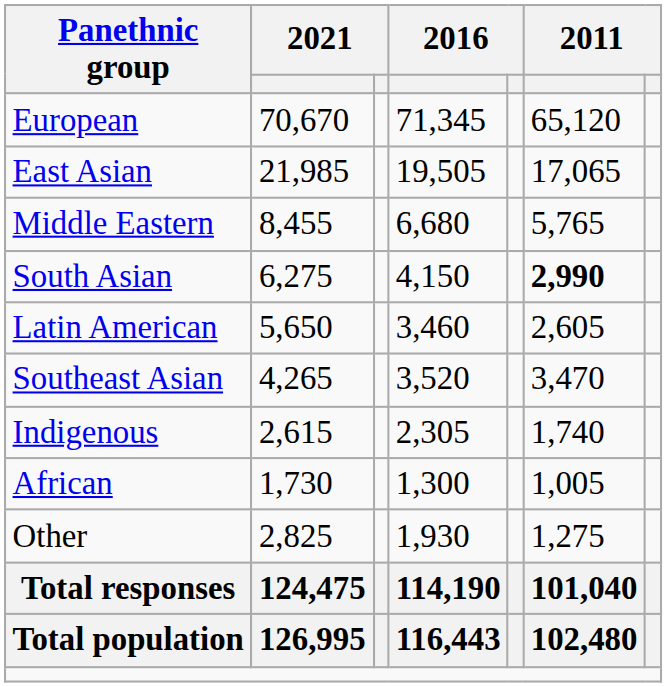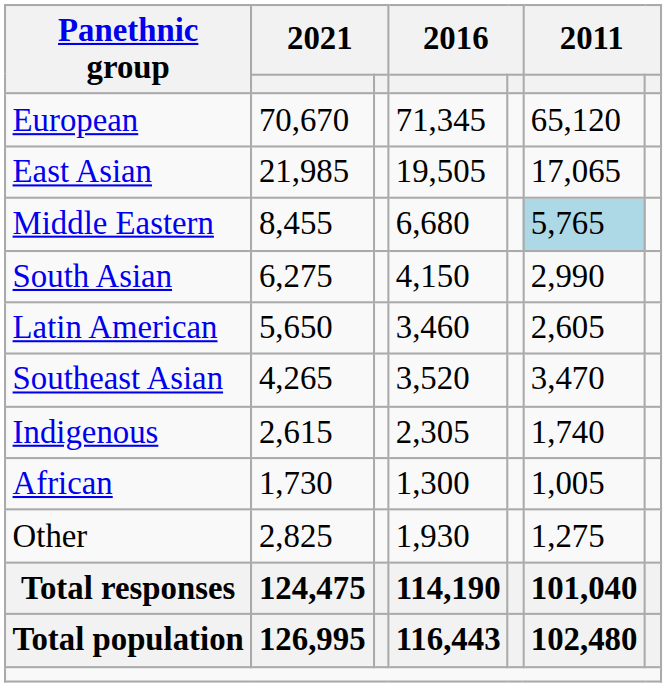 <table class="wikitable collapsible sortable">
 <tr>
 <th rowspan="2"><a href='#'>Panethnic</a><br>group</th>
 <th colspan="2">2021</th>
 <th colspan="2">2016</th>
 <th colspan="2">2011</th>
 </tr>
 <tr>
 <th><a href='#'></a></th>
 <th></th>
 <th></th>
 <th></th>
 <th></th>
 <th></th>
 </tr>
 <tr>
 <td><a href='#'>European</a></td>
 <td>70,670</td>
 <td></td>
 <td>71,345</td>
 <td></td>
 <td>65,120</td>
 <td></td>
 </tr>
 <tr>
 <td><a href='#'>East Asian</a></td>
 <td>21,985</td>
 <td></td>
 <td>19,505</td>
 <td></td>
 <td>17,065</td>
 <td></td>
 </tr>
 <tr>
 <td><a href='#'>Middle Eastern</a></td>
 <td>8,455</td>
 <td></td>
 <td>6,680</td>
 <td></td>
-<td>5,765</td>
+<td style="background: lightblue;">5,765</td>
 <td></td>
 </tr>
 <tr>
 <td><a href='#'>South Asian</a></td>
 <td>6,275</td>
 <td></td>
 <td>4,150</td>
 <td></td>
-<td><strong>2,990</strong></td>
+<td>2,990</td>
 <td></td>
 </tr>
 <tr>
 <td><a href='#'>Latin American</a></td>
 <td>5,650</td>
 <td></td>
 <td>3,460</td>
 <td></td>
 <td>2,605</td>
 <td></td>
 </tr>
 <tr>
 <td><a href='#'>Southeast Asian</a></td>
 <td>4,265</td>
 <td></td>
 <td>3,520</td>
 <td></td>
 <td>3,470</td>
 <td></td>
 </tr>
 <tr>
 <td><a href='#'>Indigenous</a></td>
 <td>2,615</td>
 <td></td>
 <td>2,305</td>
 <td></td>
 <td>1,740</td>
 <td></td>
 </tr>
 <tr>
 <td><a href='#'>African</a></td>
 <td>1,730</td>
 <td></td>
 <td>1,300</td>
 <td></td>
 <td>1,005</td>
 <td></td>
 </tr>
 <tr>
 <td>Other</td>
 <td>2,825</td>
 <td></td>
 <td>1,930</td>
 <td></td>
 <td>1,275</td>
 <td></td>
 </tr>
 <tr>
 <th>Total responses</th>
 <th>124,475</th>
 <th></th>
 <th>114,190</th>
 <th></th>
 <th>101,040</th>
 <th></th>
 </tr>
 <tr>
 <th>Total population</th>
 <th>126,995</th>
 <th></th>
 <th>116,443</th>
 <th></th>
 <th>102,480</th>
 <th></th>
 </tr>
 <tr class="sortbottom">
 <td colspan="15"></td>
 </tr>
 </table>
